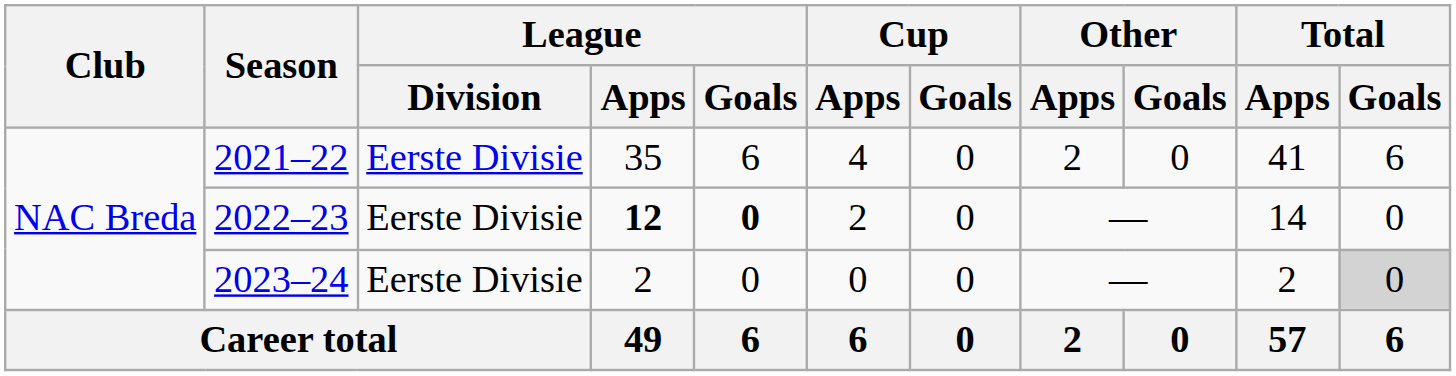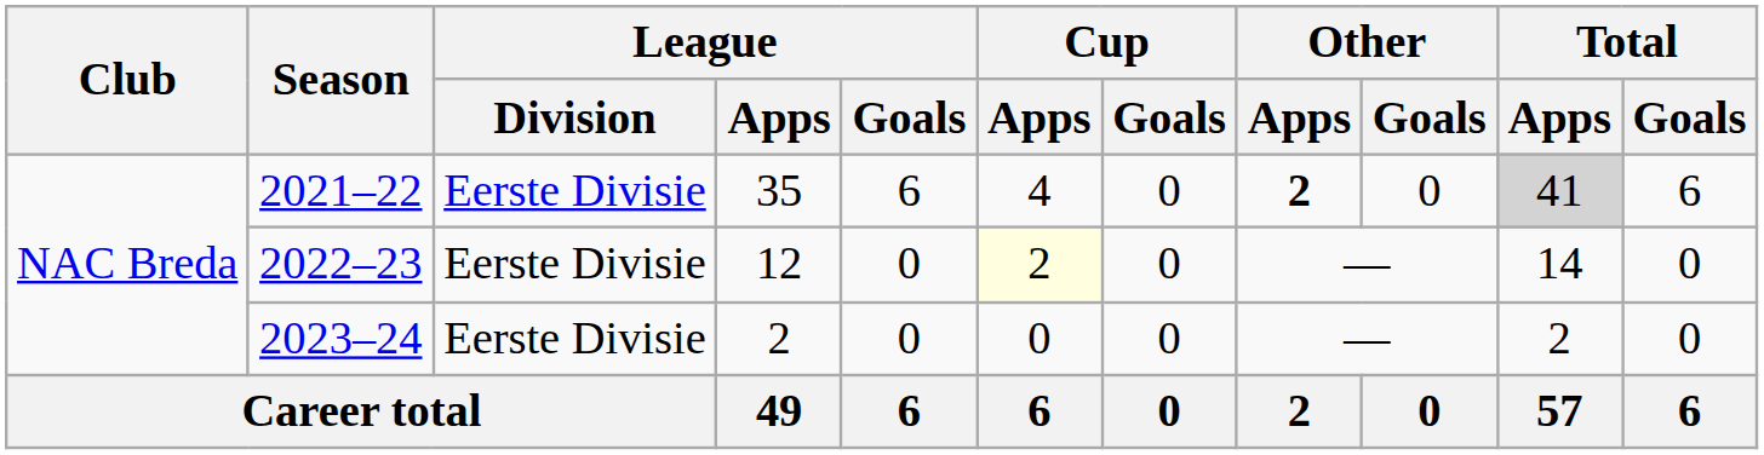 <table class="wikitable" style="text-align:center">
 <tr>
 <th rowspan="2">Club</th>
 <th rowspan="2">Season</th>
 <th colspan="3">League</th>
 <th colspan="2">Cup</th>
 <th colspan="2">Other</th>
 <th colspan="2">Total</th>
 </tr>
 <tr>
 <th>Division</th>
 <th>Apps</th>
 <th>Goals</th>
 <th>Apps</th>
 <th>Goals</th>
 <th>Apps</th>
 <th>Goals</th>
 <th>Apps</th>
 <th>Goals</th>
 </tr>
 <tr>
 <td rowspan="3"><a href='#'>NAC Breda</a></td>
 <td><a href='#'>2021–22</a></td>
 <td><a href='#'>Eerste Divisie</a></td>
 <td>35</td>
 <td>6</td>
 <td>4</td>
 <td>0</td>
-<td>2</td>
+<td><strong>2</strong></td>
 <td>0</td>
-<td>41</td>
+<td style="background: lightgrey;">41</td>
 <td>6</td>
 </tr>
 <tr>
 <td><a href='#'>2022–23</a></td>
 <td>Eerste Divisie</td>
-<td><strong>12</strong></td>
-<td><strong>0</strong></td>
-<td>2</td>
+<td>12</td>
+<td>0</td>
+<td style="background: lightyellow;">2</td>
 <td>0</td>
 <td colspan="2">—</td>
 <td>14</td>
 <td>0</td>
 </tr>
 <tr>
 <td><a href='#'>2023–24</a></td>
 <td>Eerste Divisie</td>
 <td>2</td>
 <td>0</td>
 <td>0</td>
 <td>0</td>
 <td colspan="2">—</td>
 <td>2</td>
-<td style="background: lightgrey;">0</td>
+<td>0</td>
 </tr>
 <tr>
 <th colspan="3">Career total</th>
 <th>49</th>
 <th>6</th>
 <th>6</th>
 <th>0</th>
 <th>2</th>
 <th>0</th>
 <th>57</th>
 <th>6</th>
 </tr>
 </table>
